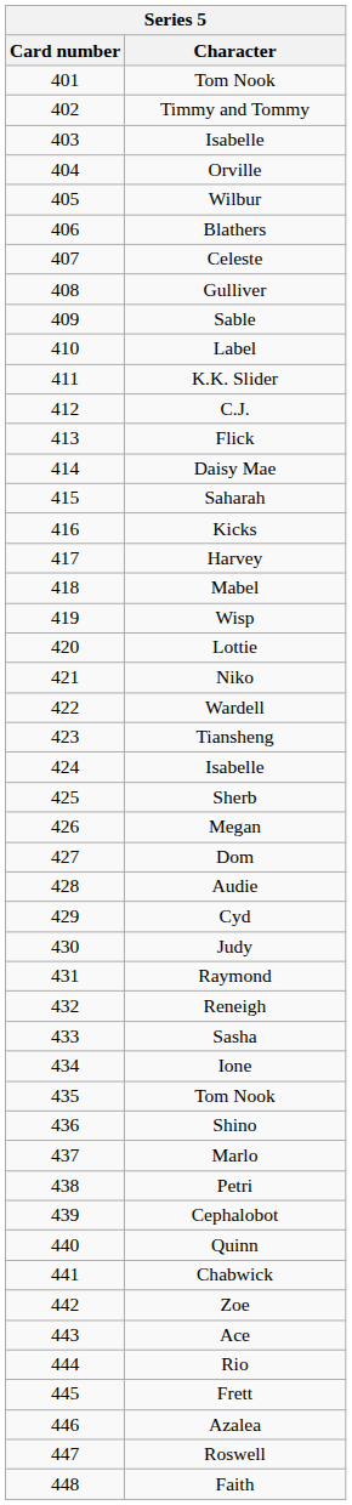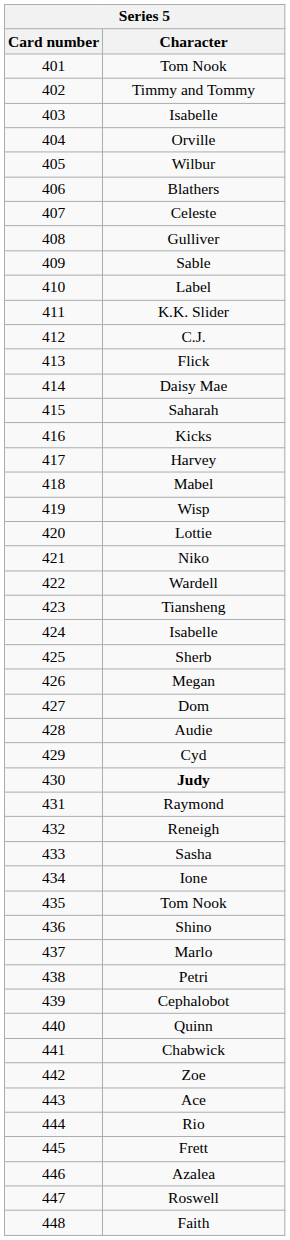 <table class="wikitable collapsible collapsed sortable" style="text-align:center;">
 <tr>
 <th colspan="2">Series 5</th>
 </tr>
 <tr>
 <th>Card number</th>
 <th style="width:180px">Character</th>
 </tr>
 <tr>
 <td>401</td>
 <td>Tom Nook</td>
 </tr>
 <tr>
 <td>402</td>
 <td>Timmy and Tommy</td>
 </tr>
 <tr>
 <td>403</td>
 <td>Isabelle</td>
 </tr>
 <tr>
 <td>404</td>
 <td>Orville</td>
 </tr>
 <tr>
 <td>405</td>
 <td>Wilbur</td>
 </tr>
 <tr>
 <td>406</td>
 <td>Blathers</td>
 </tr>
 <tr>
 <td>407</td>
 <td>Celeste</td>
 </tr>
 <tr>
 <td>408</td>
 <td>Gulliver</td>
 </tr>
 <tr>
 <td>409</td>
 <td>Sable</td>
 </tr>
 <tr>
 <td>410</td>
 <td>Label</td>
 </tr>
 <tr>
 <td>411</td>
 <td>K.K. Slider</td>
 </tr>
 <tr>
 <td>412</td>
 <td>C.J.</td>
 </tr>
 <tr>
 <td>413</td>
 <td>Flick</td>
 </tr>
 <tr>
 <td>414</td>
 <td>Daisy Mae</td>
 </tr>
 <tr>
 <td>415</td>
 <td>Saharah</td>
 </tr>
 <tr>
 <td>416</td>
 <td>Kicks</td>
 </tr>
 <tr>
 <td>417</td>
 <td>Harvey</td>
 </tr>
 <tr>
 <td>418</td>
 <td>Mabel</td>
 </tr>
 <tr>
 <td>419</td>
 <td>Wisp</td>
 </tr>
 <tr>
 <td>420</td>
 <td>Lottie</td>
 </tr>
 <tr>
 <td>421</td>
 <td>Niko</td>
 </tr>
 <tr>
 <td>422</td>
 <td>Wardell</td>
 </tr>
 <tr>
 <td>423</td>
 <td>Tiansheng</td>
 </tr>
 <tr>
 <td>424</td>
 <td>Isabelle</td>
 </tr>
 <tr>
 <td>425</td>
 <td>Sherb</td>
 </tr>
 <tr>
 <td>426</td>
 <td>Megan</td>
 </tr>
 <tr>
 <td>427</td>
 <td>Dom</td>
 </tr>
 <tr>
 <td>428</td>
 <td>Audie</td>
 </tr>
 <tr>
 <td>429</td>
 <td>Cyd</td>
 </tr>
 <tr>
 <td>430</td>
-<td>Judy</td>
+<td><strong>Judy</strong></td>
 </tr>
 <tr>
 <td>431</td>
 <td>Raymond</td>
 </tr>
 <tr>
 <td>432</td>
 <td>Reneigh</td>
 </tr>
 <tr>
 <td>433</td>
 <td>Sasha</td>
 </tr>
 <tr>
 <td>434</td>
 <td>Ione</td>
 </tr>
 <tr>
 <td>435</td>
 <td>Tom Nook</td>
 </tr>
 <tr>
 <td>436</td>
 <td>Shino</td>
 </tr>
 <tr>
 <td>437</td>
 <td>Marlo</td>
 </tr>
 <tr>
 <td>438</td>
 <td>Petri</td>
 </tr>
 <tr>
 <td>439</td>
 <td>Cephalobot</td>
 </tr>
 <tr>
 <td>440</td>
 <td>Quinn</td>
 </tr>
 <tr>
 <td>441</td>
 <td>Chabwick</td>
 </tr>
 <tr>
 <td>442</td>
 <td>Zoe</td>
 </tr>
 <tr>
 <td>443</td>
 <td>Ace</td>
 </tr>
 <tr>
 <td>444</td>
 <td>Rio</td>
 </tr>
 <tr>
 <td>445</td>
 <td>Frett</td>
 </tr>
 <tr>
 <td>446</td>
 <td>Azalea</td>
 </tr>
 <tr>
 <td>447</td>
 <td>Roswell</td>
 </tr>
 <tr>
 <td>448</td>
 <td>Faith</td>
 </tr>
 </table>
